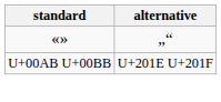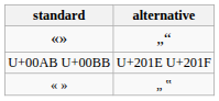 <table class="wikitable" style="text-align: center">
 <tr>
 <th>standard</th>
 <th>alternative</th>
 </tr>
 <tr style="font-size:120%;font-family:gentium,serif;">
 <td>«»</td>
 <td>„“</td>
 </tr>
 <tr>
 <td>U+00AB U+00BB</td>
 <td>U+201E U+201F</td>
 </tr>
+<tr>
+<td>&#171; &#187;</td>
+<td>&#8222; &#8223;</td>
+</tr>
 </table>
